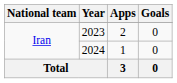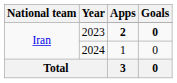 <table class="wikitable" style="text-align:center">
 <tr>
 <th>National team</th>
 <th>Year</th>
 <th>Apps</th>
 <th>Goals</th>
 </tr>
 <tr>
 <td rowspan="3"><a href='#'>Iran</a></td>
 </tr>
 <tr>
 <td>2023</td>
-<td>2</td>
-<td>0</td>
+<td><strong>2</strong></td>
+<td><strong>0</strong></td>
 </tr>
 <tr>
 <td>2024</td>
 <td>1</td>
 <td>0</td>
 </tr>
 <tr>
 <th colspan="2">Total</th>
 <th>3</th>
 <th>0</th>
 </tr>
 </table>
